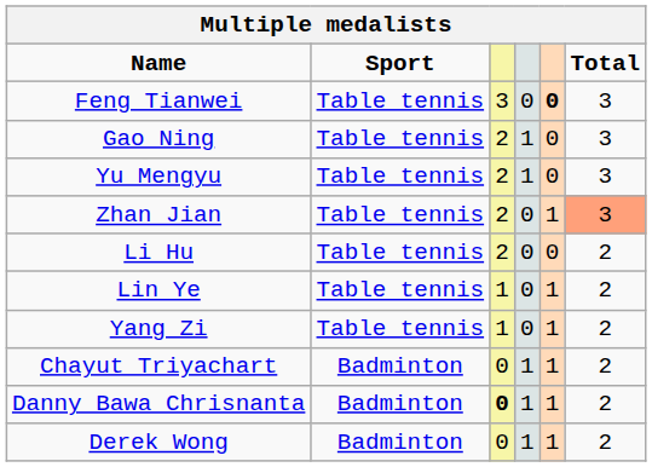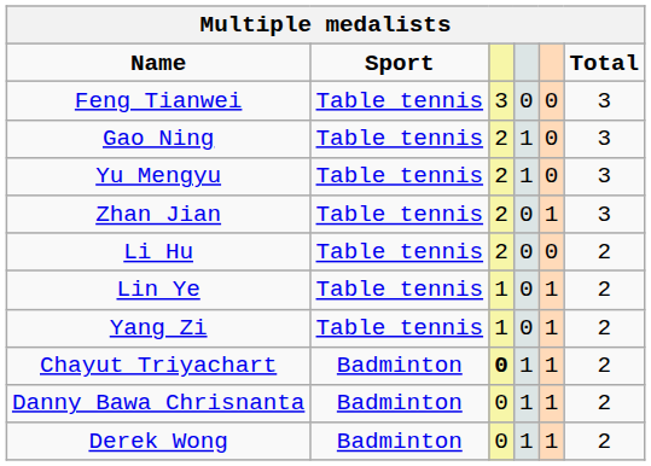 <table class="wikitable" style="font-size:100%; float:right">
 <tr style="background:#efefef;">
 <th colspan=7>Multiple medalists</th>
 </tr>
 <tr align=center>
 <td><strong>Name</strong></td>
 <td><strong>Sport</strong></td>
 <td bgcolor=#f7f6a8></td>
 <td bgcolor=#dce5e5></td>
 <td bgcolor=#ffdab9></td>
 <td><strong>Total</strong></td>
 </tr>
 <tr align=center>
 <td><a href='#'>Feng Tianwei</a></td>
 <td><a href='#'>Table tennis</a></td>
 <td style="background:#f7f6a8;">3</td>
 <td style="background:#dce5e5;">0</td>
-<td style="background:#ffdab9;"><strong>0</strong></td>
+<td style="background:#ffdab9;">0</td>
 <td>3</td>
 </tr>
 <tr align=center>
 <td><a href='#'>Gao Ning</a></td>
 <td><a href='#'>Table tennis</a></td>
 <td style="background:#f7f6a8;">2</td>
 <td style="background:#dce5e5;">1</td>
 <td style="background:#ffdab9;">0</td>
 <td>3</td>
 </tr>
 <tr align=center>
 <td><a href='#'>Yu Mengyu</a></td>
 <td><a href='#'>Table tennis</a></td>
 <td style="background:#f7f6a8;">2</td>
 <td style="background:#dce5e5;">1</td>
 <td style="background:#ffdab9;">0</td>
 <td>3</td>
 </tr>
 <tr align=center>
 <td><a href='#'>Zhan Jian</a></td>
 <td><a href='#'>Table tennis</a></td>
 <td style="background:#f7f6a8;">2</td>
 <td style="background:#dce5e5;">0</td>
 <td style="background:#ffdab9;">1</td>
-<td style="background: lightsalmon;">3</td>
+<td>3</td>
 </tr>
 <tr align=center>
 <td><a href='#'>Li Hu</a></td>
 <td><a href='#'>Table tennis</a></td>
 <td style="background:#f7f6a8;">2</td>
 <td style="background:#dce5e5;">0</td>
 <td style="background:#ffdab9;">0</td>
 <td>2</td>
 </tr>
 <tr align=center>
 <td><a href='#'>Lin Ye</a></td>
 <td><a href='#'>Table tennis</a></td>
 <td style="background:#f7f6a8;">1</td>
 <td style="background:#dce5e5;">0</td>
 <td style="background:#ffdab9;">1</td>
 <td>2</td>
 </tr>
 <tr align=center>
 <td><a href='#'>Yang Zi</a></td>
 <td><a href='#'>Table tennis</a></td>
 <td style="background:#f7f6a8;">1</td>
 <td style="background:#dce5e5;">0</td>
 <td style="background:#ffdab9;">1</td>
 <td>2</td>
 </tr>
 <tr align=center>
 <td><a href='#'>Chayut Triyachart</a></td>
 <td><a href='#'>Badminton</a></td>
-<td style="background:#f7f6a8;">0</td>
+<td style="background:#f7f6a8;"><strong>0</strong></td>
 <td style="background:#dce5e5;">1</td>
 <td style="background:#ffdab9;">1</td>
 <td>2</td>
 </tr>
 <tr align=center>
 <td><a href='#'>Danny Bawa Chrisnanta</a></td>
 <td><a href='#'>Badminton</a></td>
-<td style="background:#f7f6a8;"><strong>0</strong></td>
+<td style="background:#f7f6a8;">0</td>
 <td style="background:#dce5e5;">1</td>
 <td style="background:#ffdab9;">1</td>
 <td>2</td>
 </tr>
 <tr align=center>
 <td><a href='#'>Derek Wong</a></td>
 <td><a href='#'>Badminton</a></td>
 <td style="background:#f7f6a8;">0</td>
 <td style="background:#dce5e5;">1</td>
 <td style="background:#ffdab9;">1</td>
 <td>2</td>
 </tr>
 </table>
